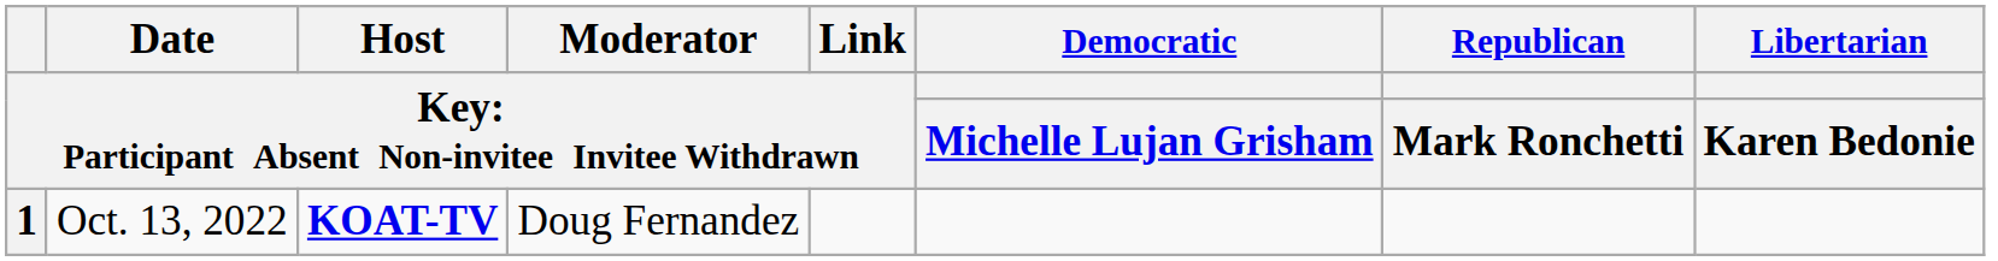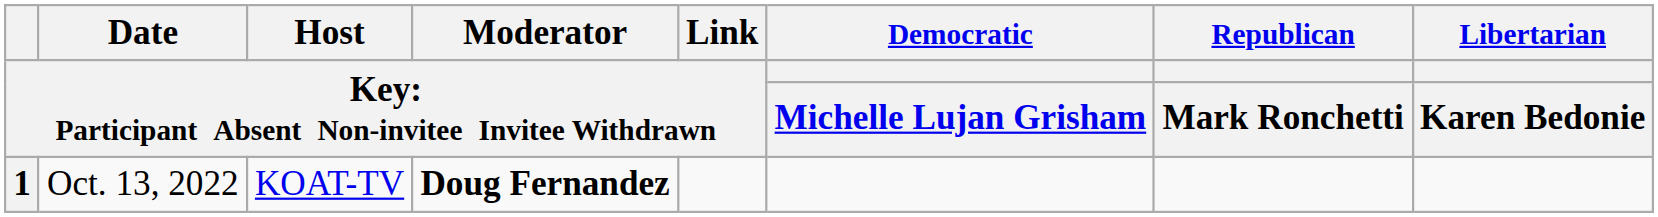 <table class="wikitable" style="text-align:center;">
 <tr>
 <th scope="col"></th>
 <th scope="col">Date</th>
 <th scope="col">Host</th>
 <th scope="col">Moderator</th>
 <th scope="col">Link</th>
 <th scope="col"><small><a href='#'>Democratic</a></small></th>
 <th scope="col"><small><a href='#'>Republican</a></small></th>
 <th scope="col"><small><a href='#'>Libertarian</a></small></th>
 </tr>
 <tr>
 <th colspan="5" rowspan="2">Key:<br> <small>Participant </small>  <small>Absent </small>  <small>Non-invitee </small>  <small>Invitee  Withdrawn</small></th>
 <th scope="col" style="background:"></th>
 <th scope="col" style="background:"></th>
 <th scope="col" style="background:"></th>
 </tr>
 <tr>
 <th scope="col"><a href='#'>Michelle Lujan Grisham</a></th>
 <th scope="col">Mark Ronchetti</th>
 <th scope="col">Karen Bedonie</th>
 </tr>
 <tr>
 <th scope="row">1</th>
 <td style="white-space:nowrap;">Oct. 13, 2022</td>
-<td style="white-space:nowrap;"><strong><a href='#'>KOAT-TV</a></strong></td>
-<td style="white-space:nowrap;">Doug Fernandez</td>
+<td style="white-space:nowrap;"><a href='#'>KOAT-TV</a></td>
+<td style="white-space:nowrap;"><strong>Doug Fernandez</strong></td>
 <td style="white-space:nowrap;"></td>
 <td></td>
 <td></td>
 <td></td>
 </tr>
 </table>
